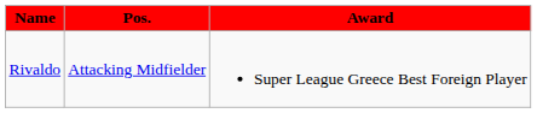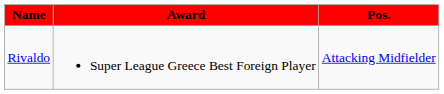 <table class="wikitable">
 <tr>
 <th style="background:#FF0000;">Name</th>
+<th style="background:#FF0000; !"><strong>Award</strong></th>
 <th style="background:#FF0000;">Pos.</th>
-<th style="background:#FF0000; !"><strong>Award</strong></th>
 </tr>
 <tr>
 <td> <a href='#'>Rivaldo</a></td>
+<td><br><ul><li>Super League Greece Best Foreign Player</li></ul></td>
 <td><a href='#'>Attacking Midfielder</a></td>
-<td><br><ul><li>Super League Greece Best Foreign Player</li></ul></td>
 </tr>
 </table>
